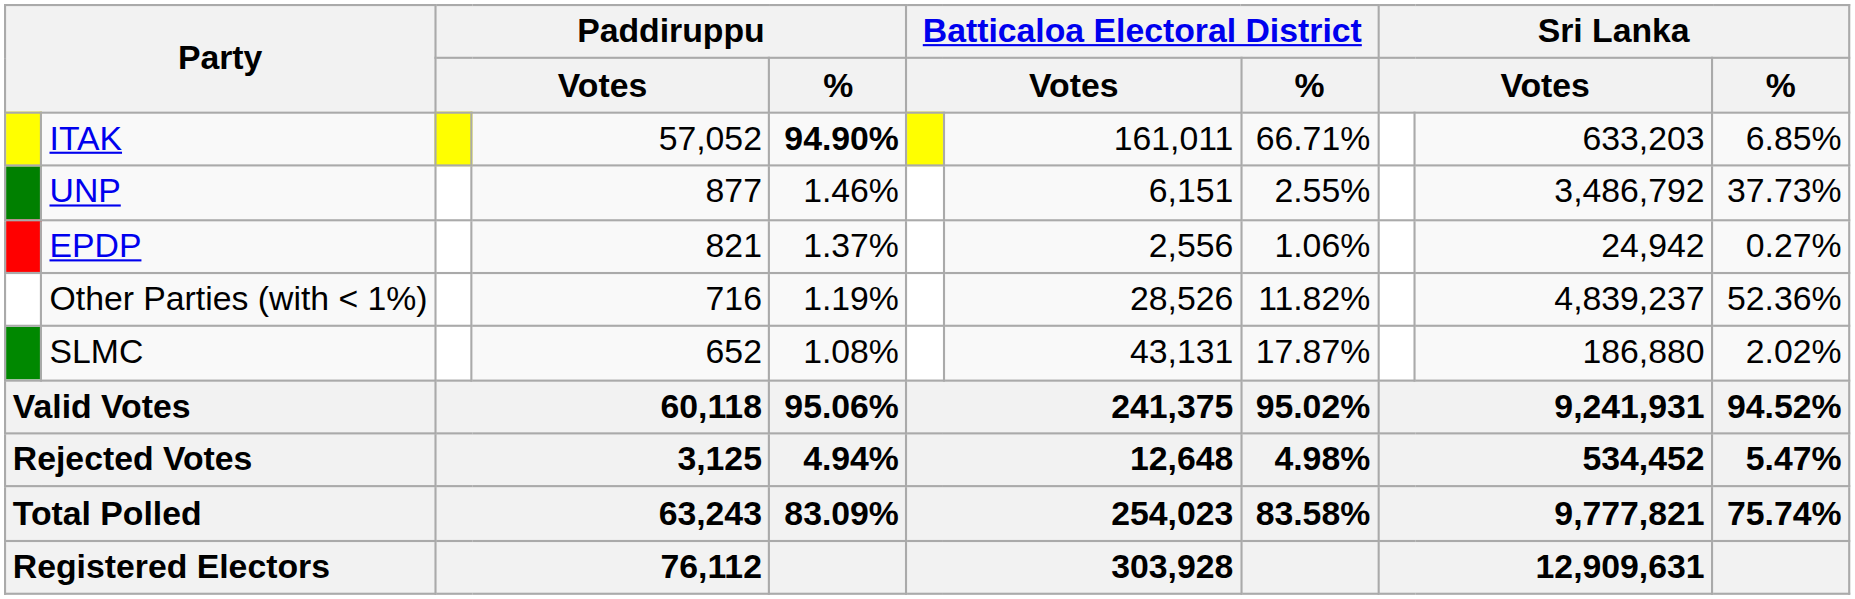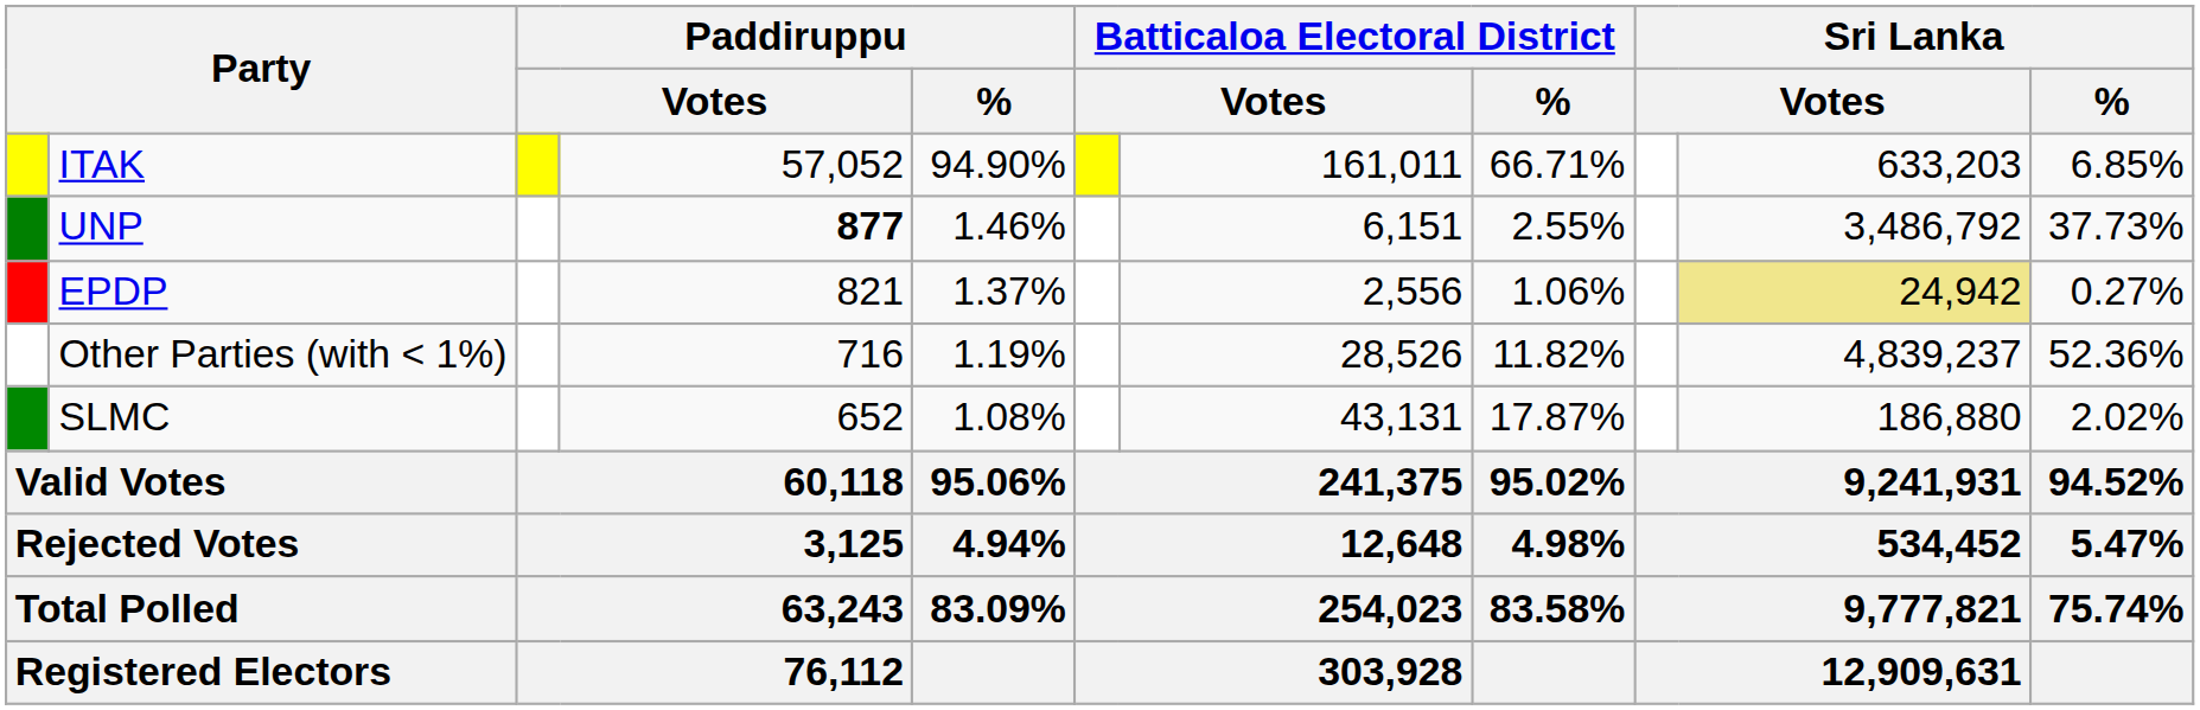 <table class="wikitable">
 <tr>
 <th colspan="2" width="144px"rowspan="2">Party</th>
 <th colspan="3" width="216px">Paddiruppu</th>
 <th colspan="3" width="216px"><a href='#'>Batticaloa Electoral District</a></th>
 <th colspan="3" width="216px">Sri Lanka</th>
 </tr>
 <tr>
 <th colspan="2" width="144px">Votes</th>
 <th>%</th>
 <th colspan="2" width="144px">Votes</th>
 <th>%</th>
 <th colspan="2" width="144px">Votes</th>
 <th>%</th>
 </tr>
 <tr>
 <td style="background-color:yellow;" width="10px"></td>
 <td style="text-align:left;"><a href='#'>ITAK</a></td>
 <td style="background-color:yellow;" width="10px"></td>
 <td style="text-align:right;">57,052</td>
-<td style="text-align:right;"><strong>94.90%</strong></td>
+<td style="text-align:right;">94.90%</td>
 <td style="background-color:yellow;" width="10px"></td>
 <td style="text-align:right;">161,011</td>
 <td style="text-align:right;">66.71%</td>
 <td style="background-color:white;" width="10px"></td>
 <td style="text-align:right;">633,203</td>
 <td style="text-align:right;">6.85%</td>
 </tr>
 <tr>
 <td style="background-color:green;" width="10px"></td>
 <td style="text-align:left;"><a href='#'>UNP</a></td>
 <td style="background-color:white;" width="10px"></td>
-<td style="text-align:right;">877</td>
+<td style="text-align:right;"><strong>877</strong></td>
 <td style="text-align:right;">1.46%</td>
 <td style="background-color:white;" width="10px"></td>
 <td style="text-align:right;">6,151</td>
 <td style="text-align:right;">2.55%</td>
 <td style="background-color:white;" width="10px"></td>
 <td style="text-align:right;">3,486,792</td>
 <td style="text-align:right;">37.73%</td>
 </tr>
 <tr>
 <td style="background-color:red;" width="10px"></td>
 <td style="text-align:left;"><a href='#'>EPDP</a></td>
 <td style="background-color:white;" width="10px"></td>
 <td style="text-align:right;">821</td>
 <td style="text-align:right;">1.37%</td>
 <td style="background-color:white;" width="10px"></td>
 <td style="text-align:right;">2,556</td>
 <td style="text-align:right;">1.06%</td>
 <td style="background-color:white;" width="10px"></td>
-<td style="text-align:right;">24,942</td>
+<td style="background: khaki; text-align:right;">24,942</td>
 <td style="text-align:right;">0.27%</td>
 </tr>
 <tr>
 <td style="background-color:white;" width="10px"></td>
 <td style="text-align:left;">Other Parties (with < 1%)</td>
 <td style="background-color:white;" width="10px"></td>
 <td style="text-align:right;">716</td>
 <td style="text-align:right;">1.19%</td>
 <td style="background-color:white;" width="10px"></td>
 <td style="text-align:right;">28,526</td>
 <td style="text-align:right;">11.82%</td>
 <td style="background-color:white;" width="10px"></td>
 <td style="text-align:right;">4,839,237</td>
 <td style="text-align:right;">52.36%</td>
 </tr>
 <tr>
 <td style="background-color:#008800;" width="10px"></td>
 <td style="text-align:left;">SLMC</td>
 <td style="background-color:white;" width="10px"></td>
 <td style="text-align:right;">652</td>
 <td style="text-align:right;">1.08%</td>
 <td style="background-color:white;" width="10px"></td>
 <td style="text-align:right;">43,131</td>
 <td style="text-align:right;">17.87%</td>
 <td style="background-color:white;" width="10px"></td>
 <td style="text-align:right;">186,880</td>
 <td style="text-align:right;">2.02%</td>
 </tr>
 <tr>
 <th colspan="2" width="144px"style="text-align:left;">Valid Votes</th>
 <th style="text-align:right;"colspan="2" width="144px">60,118</th>
 <th style="text-align:right;">95.06%</th>
 <th style="text-align:right;"colspan="2" width="144px">241,375</th>
 <th style="text-align:right;">95.02%</th>
 <th style="text-align:right;"colspan="2" width="144px">9,241,931</th>
 <th style="text-align:right;">94.52%</th>
 </tr>
 <tr>
 <th colspan="2" width="144px"style="text-align:left;">Rejected Votes</th>
 <th style="text-align:right;"colspan="2" width="144px">3,125</th>
 <th style="text-align:right;">4.94%</th>
 <th style="text-align:right;"colspan="2" width="144px">12,648</th>
 <th style="text-align:right;">4.98%</th>
 <th style="text-align:right;"colspan="2" width="144px">534,452</th>
 <th style="text-align:right;">5.47%</th>
 </tr>
 <tr>
 <th colspan="2" width="144px"style="text-align:left;">Total Polled</th>
 <th style="text-align:right;"colspan="2" width="144px">63,243</th>
 <th style="text-align:right;">83.09%</th>
 <th style="text-align:right;"colspan="2" width="144px">254,023</th>
 <th style="text-align:right;">83.58%</th>
 <th style="text-align:right;"colspan="2" width="144px">9,777,821</th>
 <th style="text-align:right;">75.74%</th>
 </tr>
 <tr>
 <th colspan="2" width="144px"style="text-align:left;">Registered Electors</th>
 <th style="text-align:right;"colspan="2" width="144px">76,112</th>
 <th></th>
 <th style="text-align:right;"colspan="2" width="144px">303,928</th>
 <th></th>
 <th style="text-align:right;"colspan="2" width="144px">12,909,631</th>
 <th></th>
 </tr>
 </table>
